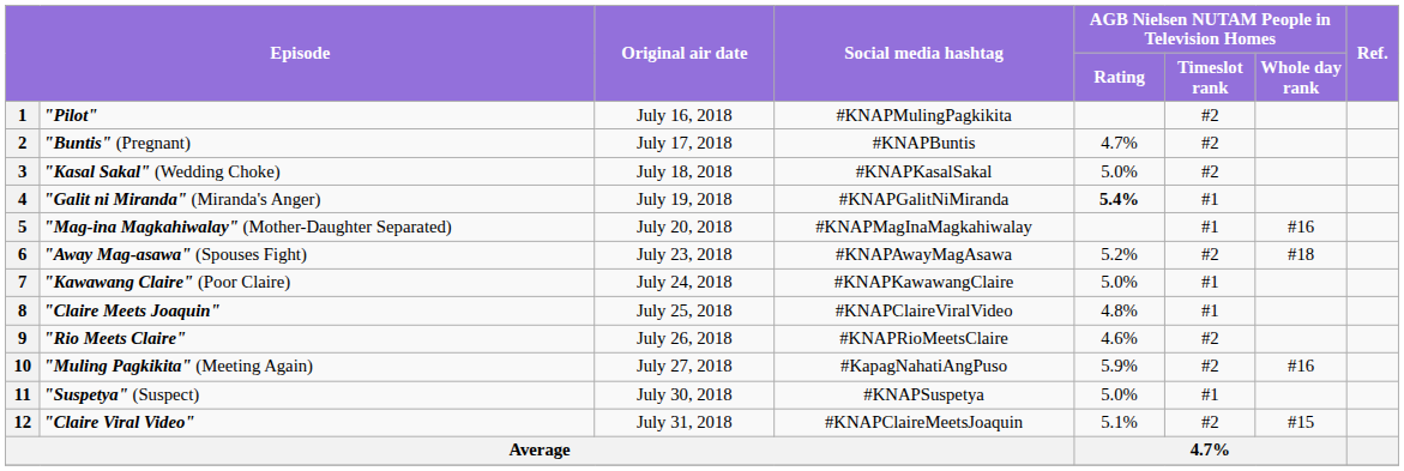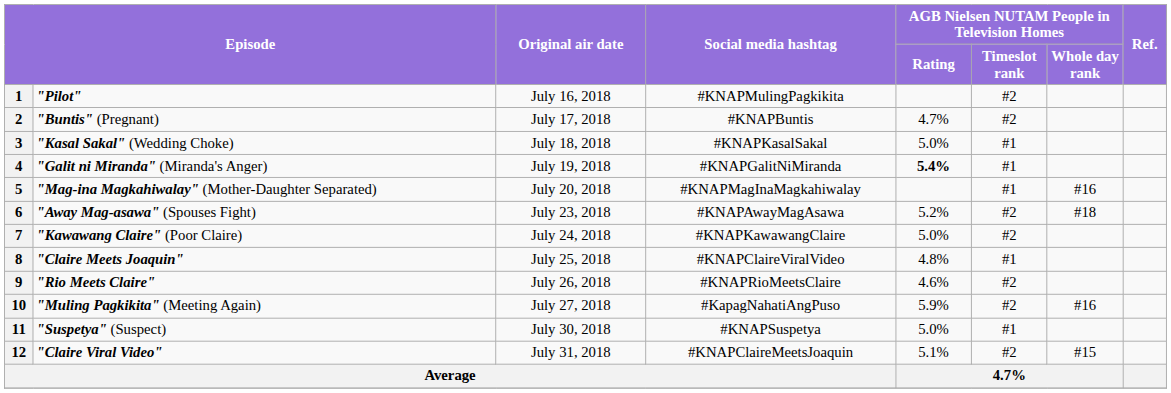 <table class="wikitable" style="text-align:center; font-size:100%; line-height:18px;" width="100%">
 <tr>
 <th style="background-color:#9370DB; color:#ffffff;" colspan="2" rowspan="2">Episode</th>
 <th style="background-color:#9370DB; color:white" rowspan="2">Original air date</th>
 <th style="background-color:#9370DB; color:white" rowspan="2">Social media hashtag</th>
 <th style="background-color:#9370DB; color:#ffffff;" colspan="3">AGB Nielsen NUTAM People in Television Homes</th>
 <th style="background-color:#9370DB;  color:#ffffff;" rowspan="2">Ref.</th>
 </tr>
 <tr>
 <th style="background-color:#9370DB; width:75px; color:#ffffff;">Rating</th>
 <th style="background-color:#9370DB;  width:75px; color:#ffffff;">Timeslot<br>rank</th>
 <th style="background-color:#9370DB; width:75px; color:#ffffff;">Whole day<br>rank</th>
 </tr>
 <tr>
 <th>1</th>
 <td style="text-align: left;"><strong><em>"Pilot"</em></strong></td>
 <td>July 16, 2018</td>
 <td>#KNAPMulingPagkikita</td>
 <td></td>
 <td>#2</td>
 <td></td>
 <td></td>
 </tr>
 <tr>
 <th>2</th>
 <td style="text-align: left;"><strong><em>"Buntis"</em></strong> (Pregnant)</td>
 <td>July 17, 2018</td>
 <td>#KNAPBuntis</td>
 <td>4.7%</td>
 <td>#2</td>
 <td></td>
 <td></td>
 </tr>
 <tr>
 <th>3</th>
 <td style="text-align: left;"><strong><em>"Kasal Sakal"</em></strong> (Wedding Choke)</td>
 <td>July 18, 2018</td>
 <td>#KNAPKasalSakal</td>
 <td>5.0%</td>
-<td>#2</td>
+<td>#1</td>
 <td></td>
 <td></td>
 </tr>
 <tr>
 <th>4</th>
 <td style="text-align: left;"><strong><em>"Galit ni Miranda"</em></strong> (Miranda's Anger)</td>
 <td>July 19, 2018</td>
 <td>#KNAPGalitNiMiranda</td>
 <td><strong>5.4%</strong></td>
 <td>#1</td>
 <td></td>
 <td></td>
 </tr>
 <tr>
 <th>5</th>
 <td style="text-align: left;"><strong><em>"Mag-ina Magkahiwalay"</em></strong> (Mother-Daughter Separated)</td>
 <td>July 20, 2018</td>
 <td>#KNAPMagInaMagkahiwalay</td>
 <td></td>
 <td>#1</td>
 <td>#16</td>
 <td></td>
 </tr>
 <tr>
 <th>6</th>
 <td style="text-align: left;"><strong><em>"Away Mag-asawa"</em></strong> (Spouses Fight)</td>
 <td>July 23, 2018</td>
 <td>#KNAPAwayMagAsawa</td>
 <td>5.2%</td>
 <td>#2</td>
 <td>#18</td>
 <td></td>
 </tr>
 <tr>
 <th>7</th>
 <td style="text-align: left;"><strong><em>"Kawawang Claire"</em></strong> (Poor Claire)</td>
 <td>July 24, 2018</td>
 <td>#KNAPKawawangClaire</td>
 <td>5.0%</td>
-<td>#1</td>
+<td>#2</td>
 <td></td>
 <td></td>
 </tr>
 <tr>
 <th>8</th>
 <td style="text-align: left;"><strong><em>"Claire Meets Joaquin"</em></strong></td>
 <td>July 25, 2018</td>
 <td>#KNAPClaireViralVideo</td>
 <td>4.8%</td>
 <td>#1</td>
 <td></td>
 <td></td>
 </tr>
 <tr>
 <th>9</th>
 <td style="text-align: left;"><strong><em>"Rio Meets Claire"</em></strong></td>
 <td>July 26, 2018</td>
 <td>#KNAPRioMeetsClaire</td>
 <td>4.6%</td>
 <td>#2</td>
 <td></td>
 <td></td>
 </tr>
 <tr>
 <th>10</th>
 <td style="text-align: left;"><strong><em>"Muling Pagkikita"</em></strong> (Meeting Again)</td>
 <td>July 27, 2018</td>
 <td>#KapagNahatiAngPuso</td>
 <td>5.9%</td>
 <td>#2</td>
 <td>#16</td>
 <td></td>
 </tr>
 <tr>
 <th>11</th>
 <td style="text-align: left;"><strong><em>"Suspetya"</em></strong> (Suspect)</td>
 <td>July 30, 2018</td>
 <td>#KNAPSuspetya</td>
 <td>5.0%</td>
 <td>#1</td>
 <td></td>
 <td></td>
 </tr>
 <tr>
 <th>12</th>
 <td style="text-align: left;"><strong><em>"Claire Viral Video"</em></strong></td>
 <td>July 31, 2018</td>
 <td>#KNAPClaireMeetsJoaquin</td>
 <td>5.1%</td>
 <td>#2</td>
 <td>#15</td>
 <td></td>
 </tr>
 <tr>
 <th colspan="4">Average</th>
 <th colspan="3">4.7%</th>
 <th></th>
 </tr>
 <tr>
 </tr>
 </table>
